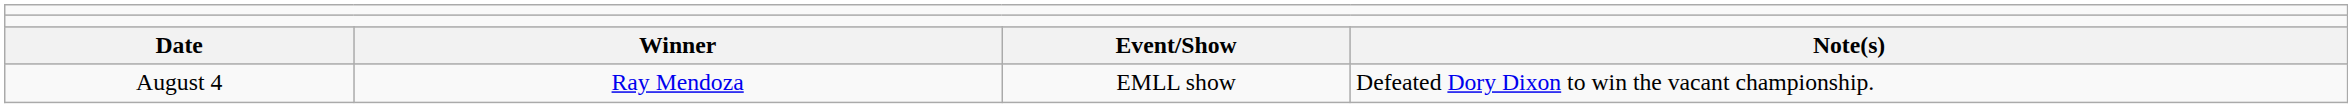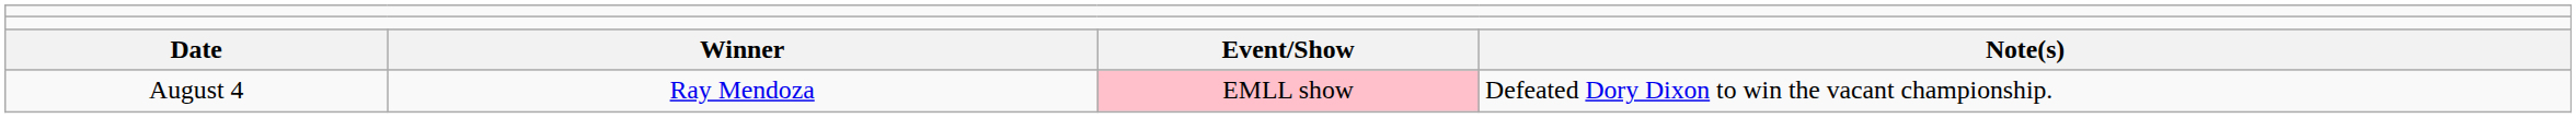 <table class="wikitable" style="text-align:center; width:100%;">
 <tr>
 <td colspan=5></td>
 </tr>
 <tr>
 <td colspan=5><strong></strong></td>
 </tr>
 <tr>
 <th width=14%>Date</th>
 <th width=26%>Winner</th>
 <th width=14%>Event/Show</th>
 <th width=40%>Note(s)</th>
 </tr>
 <tr>
 <td>August 4</td>
 <td><a href='#'>Ray Mendoza</a></td>
-<td>EMLL show</td>
+<td style="background: pink;">EMLL show</td>
 <td align=left>Defeated <a href='#'>Dory Dixon</a> to win the vacant championship.</td>
 </tr>
 </table>
